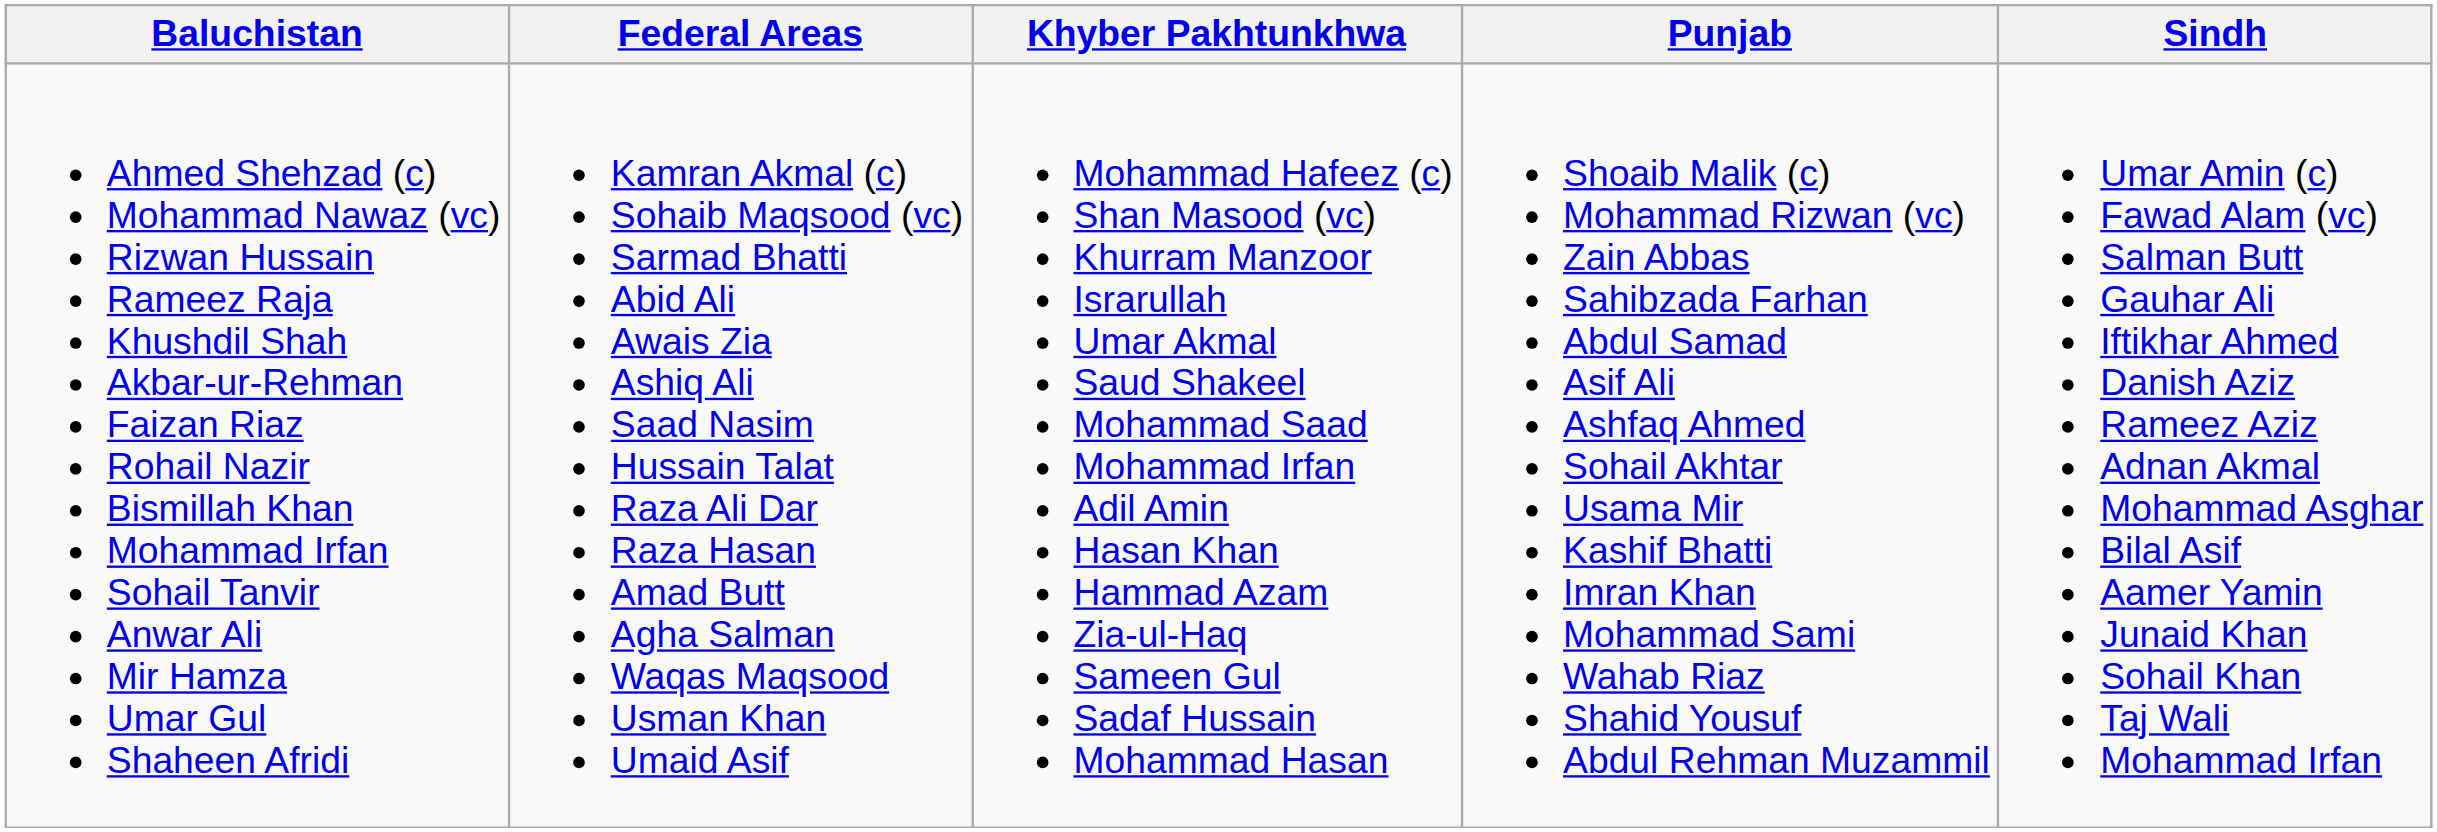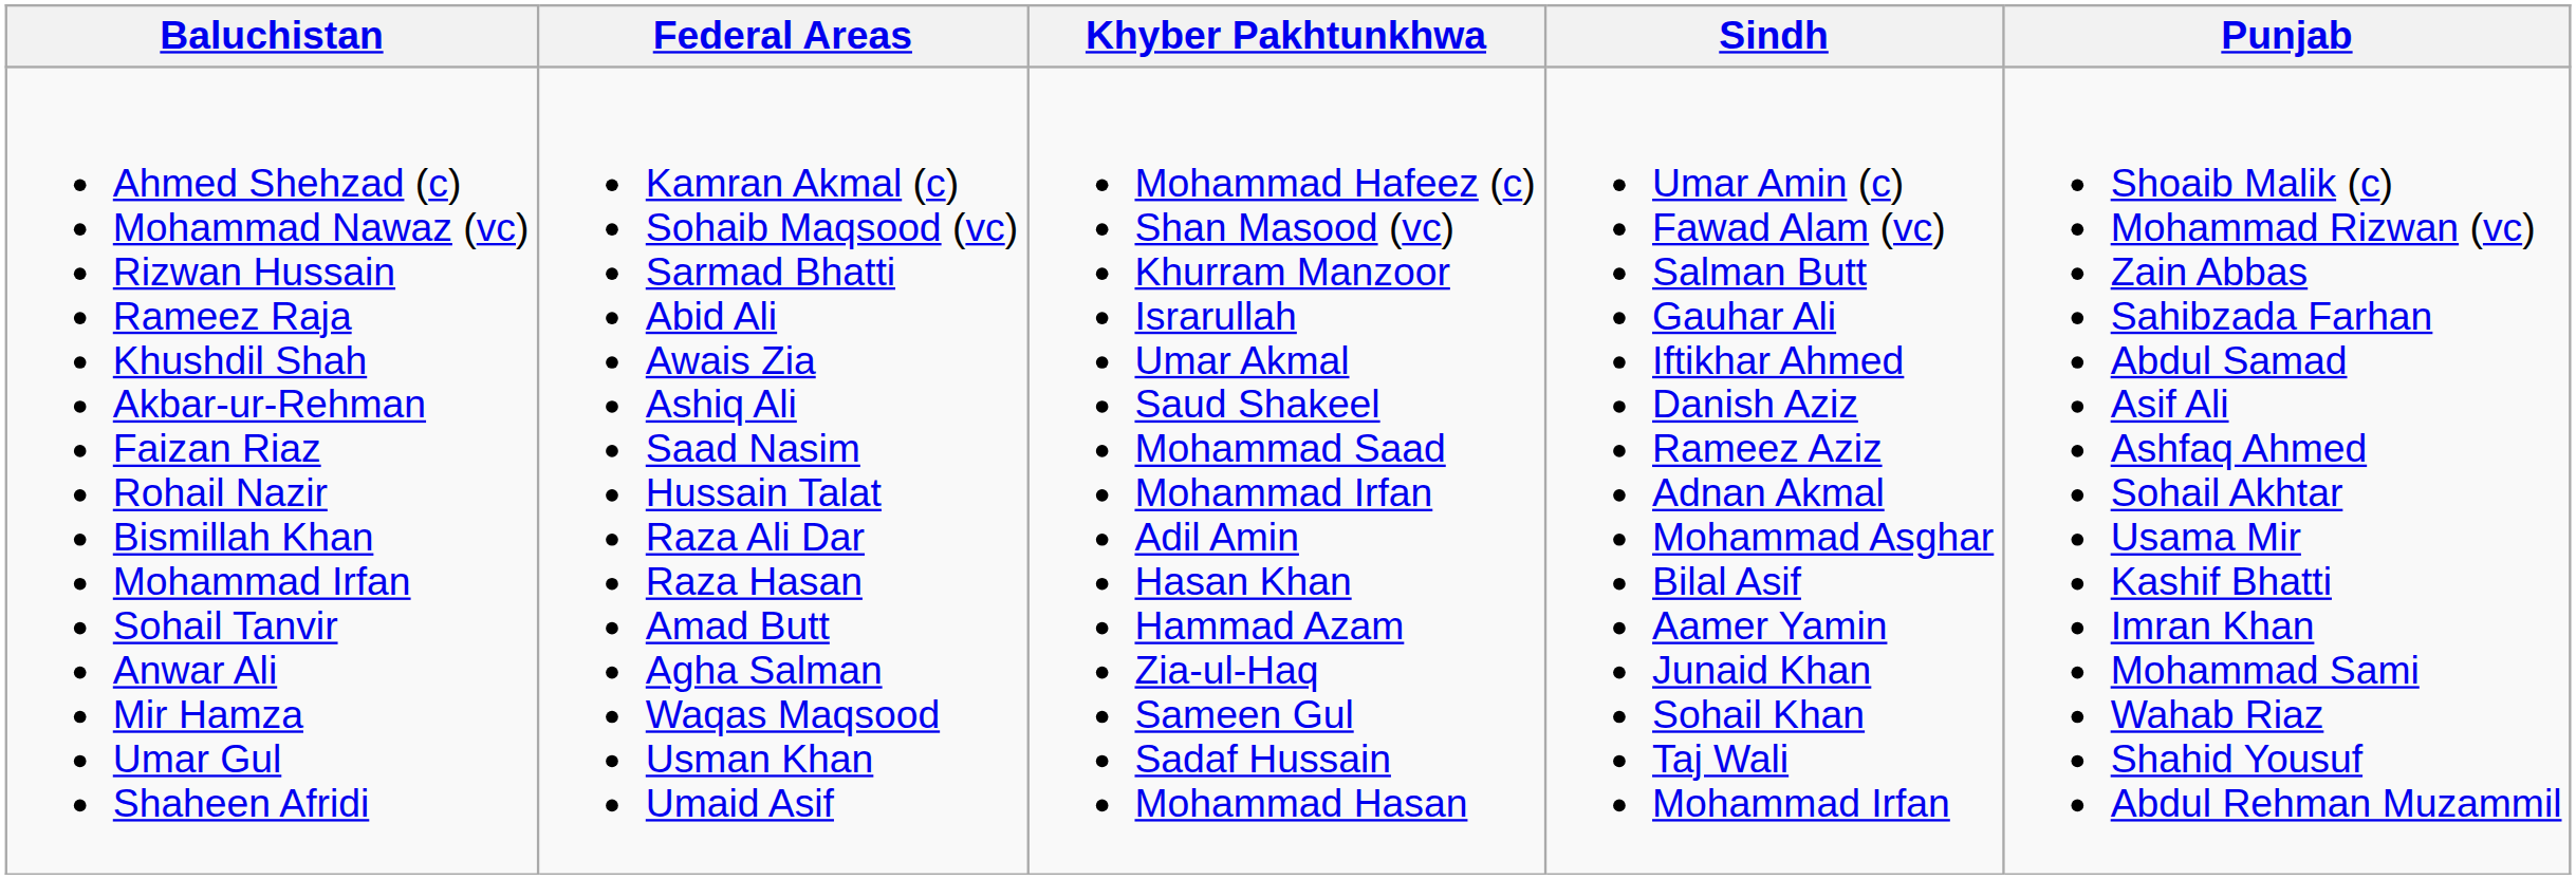 <table class="wikitable" style="text-align:left; margin:auto">
 <tr>
 <th style="width=20%;"><a href='#'>Baluchistan</a></th>
 <th style="width=20%;"><a href='#'>Federal Areas</a></th>
 <th style="width=20%;"><a href='#'>Khyber Pakhtunkhwa</a></th>
+<th style="width=20%;"><a href='#'>Sindh</a></th>
 <th style="width=20%;"><a href='#'>Punjab</a></th>
-<th style="width=20%;"><a href='#'>Sindh</a></th>
 </tr>
 <tr>
 <td valign=top><br><ul><li><a href='#'>Ahmed Shehzad</a> (<a href='#'>c</a>)</li><li><a href='#'>Mohammad Nawaz</a> (<a href='#'>vc</a>)</li><li><a href='#'>Rizwan Hussain</a></li><li><a href='#'>Rameez Raja</a></li><li><a href='#'>Khushdil Shah</a></li><li><a href='#'>Akbar-ur-Rehman</a></li><li><a href='#'>Faizan Riaz</a></li><li><a href='#'>Rohail Nazir</a></li><li><a href='#'>Bismillah Khan</a></li><li><a href='#'>Mohammad Irfan</a></li><li><a href='#'>Sohail Tanvir</a></li><li><a href='#'>Anwar Ali</a></li><li><a href='#'>Mir Hamza</a></li><li><a href='#'>Umar Gul</a></li><li><a href='#'>Shaheen Afridi</a></li></ul></td>
 <td valign=top><br><ul><li><a href='#'>Kamran Akmal</a> (<a href='#'>c</a>)</li><li><a href='#'>Sohaib Maqsood</a> (<a href='#'>vc</a>)</li><li><a href='#'>Sarmad Bhatti</a></li><li><a href='#'>Abid Ali</a></li><li><a href='#'>Awais Zia</a></li><li><a href='#'>Ashiq Ali</a></li><li><a href='#'>Saad Nasim</a></li><li><a href='#'>Hussain Talat</a></li><li><a href='#'>Raza Ali Dar</a></li><li><a href='#'>Raza Hasan</a></li><li><a href='#'>Amad Butt</a></li><li><a href='#'>Agha Salman</a></li><li><a href='#'>Waqas Maqsood</a></li><li><a href='#'>Usman Khan</a></li><li><a href='#'>Umaid Asif</a></li></ul></td>
 <td valign=top><br><ul><li><a href='#'>Mohammad Hafeez</a> (<a href='#'>c</a>)</li><li><a href='#'>Shan Masood</a> (<a href='#'>vc</a>)</li><li><a href='#'>Khurram Manzoor</a></li><li><a href='#'>Israrullah</a></li><li><a href='#'>Umar Akmal</a></li><li><a href='#'>Saud Shakeel</a></li><li><a href='#'>Mohammad Saad</a></li><li><a href='#'>Mohammad Irfan</a></li><li><a href='#'>Adil Amin</a></li><li><a href='#'>Hasan Khan</a></li><li><a href='#'>Hammad Azam</a></li><li><a href='#'>Zia-ul-Haq</a></li><li><a href='#'>Sameen Gul</a></li><li><a href='#'>Sadaf Hussain</a></li><li><a href='#'>Mohammad Hasan</a></li></ul></td>
+<td valign=top><br><ul><li><a href='#'>Umar Amin</a> (<a href='#'>c</a>)</li><li><a href='#'>Fawad Alam</a> (<a href='#'>vc</a>)</li><li><a href='#'>Salman Butt</a></li><li><a href='#'>Gauhar Ali</a></li><li><a href='#'>Iftikhar Ahmed</a></li><li><a href='#'>Danish Aziz</a></li><li><a href='#'>Rameez Aziz</a></li><li><a href='#'>Adnan Akmal</a></li><li><a href='#'>Mohammad Asghar</a></li><li><a href='#'>Bilal Asif</a></li><li><a href='#'>Aamer Yamin</a></li><li><a href='#'>Junaid Khan</a></li><li><a href='#'>Sohail Khan</a></li><li><a href='#'>Taj Wali</a></li><li><a href='#'>Mohammad Irfan</a></li></ul></td>
 <td valign=top><br><ul><li><a href='#'>Shoaib Malik</a> (<a href='#'>c</a>)</li><li><a href='#'>Mohammad Rizwan</a> (<a href='#'>vc</a>)</li><li><a href='#'>Zain Abbas</a></li><li><a href='#'>Sahibzada Farhan</a></li><li><a href='#'>Abdul Samad</a></li><li><a href='#'>Asif Ali</a></li><li><a href='#'>Ashfaq Ahmed</a></li><li><a href='#'>Sohail Akhtar</a></li><li><a href='#'>Usama Mir</a></li><li><a href='#'>Kashif Bhatti</a></li><li><a href='#'>Imran Khan</a></li><li><a href='#'>Mohammad Sami</a></li><li><a href='#'>Wahab Riaz</a></li><li><a href='#'>Shahid Yousuf</a></li><li><a href='#'>Abdul Rehman Muzammil</a></li></ul></td>
-<td valign=top><br><ul><li><a href='#'>Umar Amin</a> (<a href='#'>c</a>)</li><li><a href='#'>Fawad Alam</a> (<a href='#'>vc</a>)</li><li><a href='#'>Salman Butt</a></li><li><a href='#'>Gauhar Ali</a></li><li><a href='#'>Iftikhar Ahmed</a></li><li><a href='#'>Danish Aziz</a></li><li><a href='#'>Rameez Aziz</a></li><li><a href='#'>Adnan Akmal</a></li><li><a href='#'>Mohammad Asghar</a></li><li><a href='#'>Bilal Asif</a></li><li><a href='#'>Aamer Yamin</a></li><li><a href='#'>Junaid Khan</a></li><li><a href='#'>Sohail Khan</a></li><li><a href='#'>Taj Wali</a></li><li><a href='#'>Mohammad Irfan</a></li></ul></td>
 </tr>
 </table>
